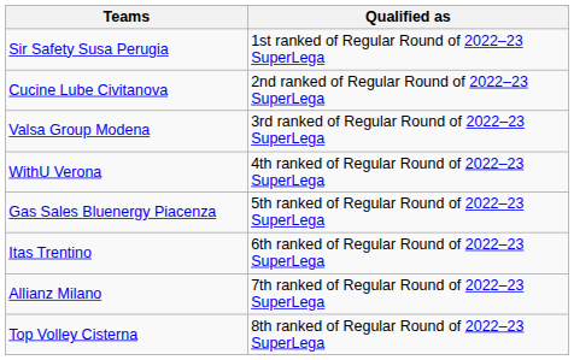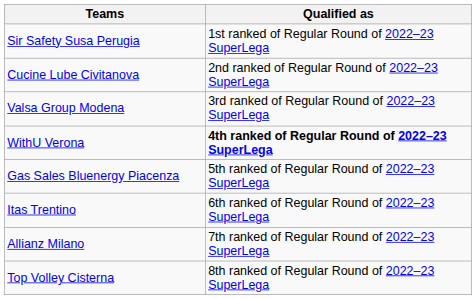 <table class="wikitable" width=600>
 <tr>
 <th width=43%>Teams</th>
 <th width=57%>Qualified as</th>
 </tr>
 <tr>
 <td><a href='#'>Sir Safety Susa Perugia</a></td>
 <td>1st ranked of Regular Round of <a href='#'>2022–23 SuperLega</a></td>
 </tr>
 <tr>
 <td><a href='#'>Cucine Lube Civitanova</a></td>
 <td>2nd ranked of Regular Round of <a href='#'>2022–23 SuperLega</a></td>
 </tr>
 <tr>
 <td><a href='#'>Valsa Group Modena</a></td>
 <td>3rd ranked of Regular Round of <a href='#'>2022–23 SuperLega</a></td>
 </tr>
 <tr>
 <td><a href='#'>WithU Verona</a></td>
-<td>4th ranked of Regular Round of <a href='#'>2022–23 SuperLega</a></td>
+<td><strong>4th ranked of Regular Round of <a href='#'>2022–23 SuperLega</a></strong></td>
 </tr>
 <tr>
 <td><a href='#'>Gas Sales Bluenergy Piacenza</a></td>
 <td>5th ranked of Regular Round of <a href='#'>2022–23 SuperLega</a></td>
 </tr>
 <tr>
 <td><a href='#'>Itas Trentino</a></td>
 <td>6th ranked of Regular Round of <a href='#'>2022–23 SuperLega</a></td>
 </tr>
 <tr>
 <td><a href='#'>Allianz Milano</a></td>
 <td>7th ranked of Regular Round of <a href='#'>2022–23 SuperLega</a></td>
 </tr>
 <tr>
 <td><a href='#'>Top Volley Cisterna</a></td>
 <td>8th ranked of Regular Round of <a href='#'>2022–23 SuperLega</a></td>
 </tr>
 </table>
